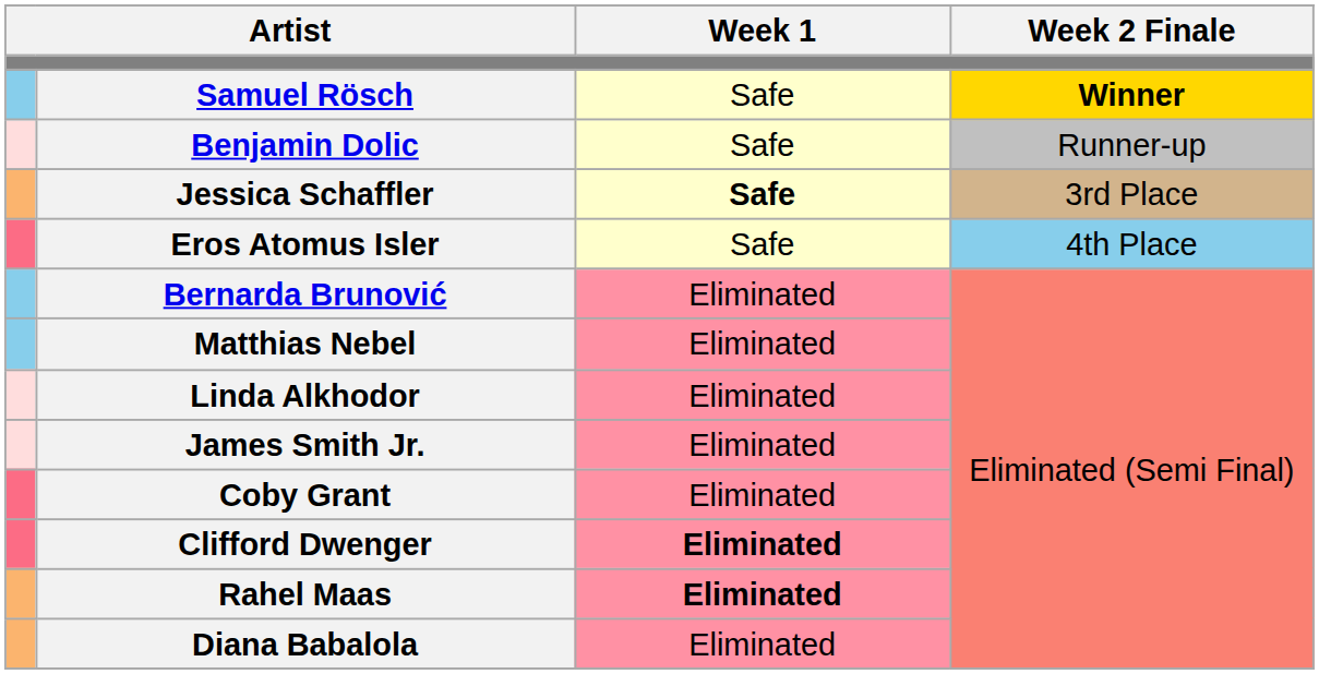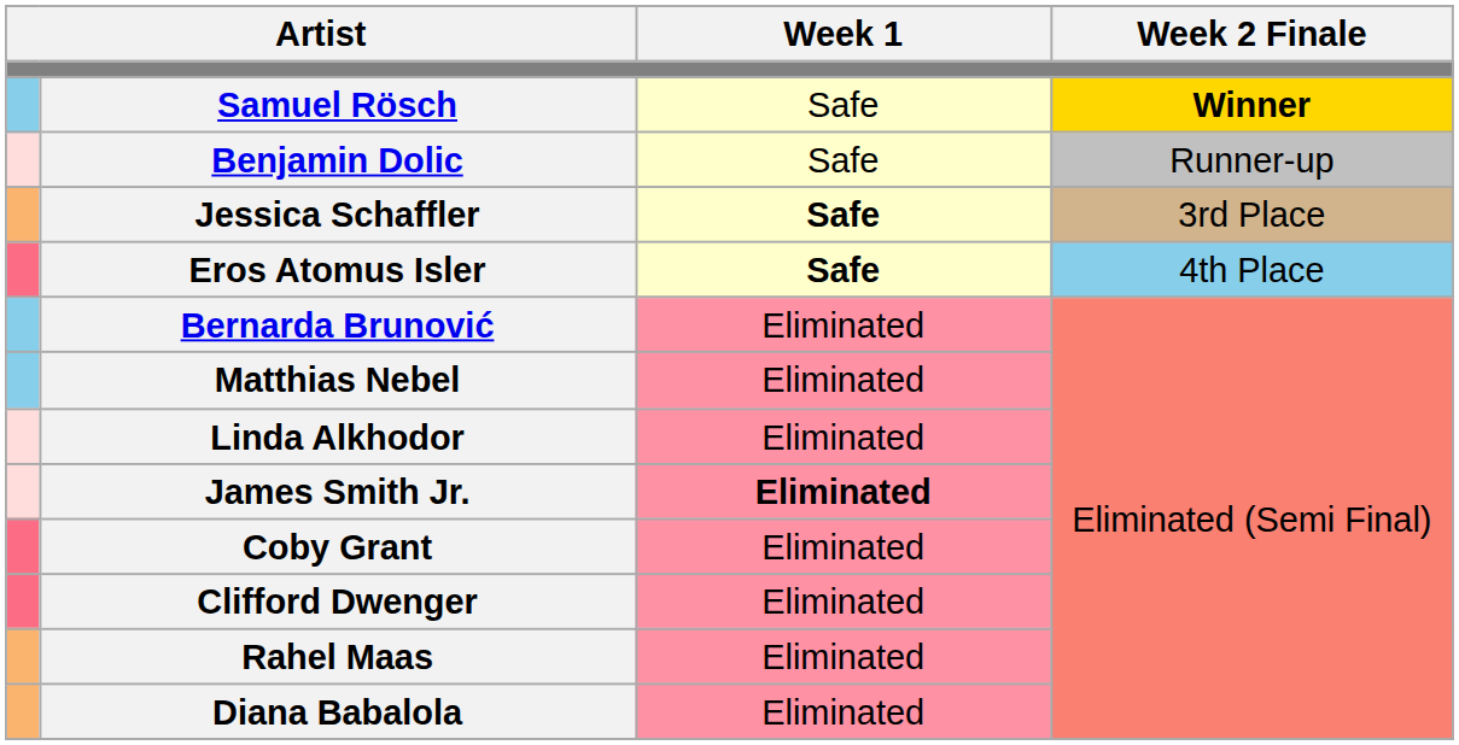 <table class="wikitable"  style="text-align:center; font-size:95%; width:50%;">
 <tr>
 </tr>
 <tr>
 <th style="width:18%" colspan="2" scope="col">Artist</th>
 <th style="width:11%" colspan="1" scope="col">Week 1</th>
 <th style="width:11%" colspan="1" scope="col">Week 2 Finale</th>
 </tr>
 <tr>
 <th colspan="10" style="background:grey;"></th>
 </tr>
 <tr>
 <th style="background:#87ceeb;"></th>
 <th><a href='#'>Samuel Rösch</a></th>
 <td style="background:#FFFFCC;">Safe</td>
 <td style="background:gold;"><strong>Winner</strong></td>
 </tr>
 <tr>
 <td style="background:#ffdddd;"></td>
 <th><a href='#'>Benjamin Dolic</a></th>
 <td style="background:#FFFFCC;">Safe</td>
 <td style="background:silver;">Runner-up</td>
 </tr>
 <tr>
 <th style="background:#fbb46e;"></th>
 <th>Jessica Schaffler</th>
 <td style="background:#FFFFCC;"><strong>Safe</strong></td>
 <td style="background:tan;">3rd Place</td>
 </tr>
 <tr>
 <th style="background:#FC6C85"></th>
 <th>Eros Atomus Isler</th>
-<td style="background:#FFFFCC;">Safe</td>
+<td style="background:#FFFFCC;"><strong>Safe</strong></td>
 <td style="background:skyblue;">4th Place</td>
 </tr>
 <tr>
 <th style="background:#87ceeb;"></th>
 <th><a href='#'>Bernarda Brunović</a></th>
 <td style="background:#FF91A4;">Eliminated</td>
 <td rowspan="8" colspan="2" style="background:salmon;">Eliminated (Semi Final)</td>
 </tr>
 <tr>
 <th style="background:#87ceeb;"></th>
 <th>Matthias Nebel</th>
 <td style="background:#FF91A4;">Eliminated</td>
 </tr>
 <tr>
 <th style="background:#ffdddd;"></th>
 <th>Linda Alkhodor</th>
 <td style="background:#FF91A4;">Eliminated</td>
 </tr>
 <tr>
 <th style="background:#ffdddd;"></th>
 <th>James Smith Jr.</th>
-<td style="background:#FF91A4;">Eliminated</td>
+<td style="background:#FF91A4;"><strong>Eliminated</strong></td>
 </tr>
 <tr>
 <th style="background:#FC6C85"></th>
 <th>Coby Grant</th>
 <td style="background:#FF91A4;">Eliminated</td>
 </tr>
 <tr>
 <th style="background:#FC6C85"></th>
 <th>Clifford Dwenger</th>
-<td style="background:#FF91A4;"><strong>Eliminated</strong></td>
+<td style="background:#FF91A4;">Eliminated</td>
 </tr>
 <tr>
 <th style="background:#fbb46e;"></th>
 <th>Rahel Maas</th>
-<td style="background:#FF91A4;"><strong>Eliminated</strong></td>
+<td style="background:#FF91A4;">Eliminated</td>
 </tr>
 <tr>
 <th style="background:#fbb46e;"></th>
 <th>Diana Babalola</th>
 <td style="background:#FF91A4;">Eliminated</td>
 </tr>
 <tr>
 </tr>
 </table>
